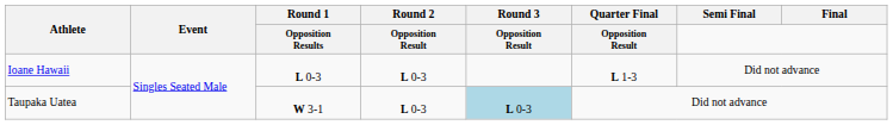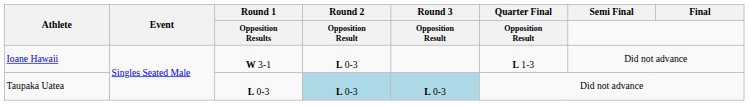 <table class=wikitable style="font-size:90%">
 <tr>
 <th rowspan="2" width=150>Athlete</th>
 <th rowspan="2" width=150>Event</th>
 <th width=125>Round 1</th>
 <th width=125>Round 2</th>
 <th width=125>Round 3</th>
 <th width=125>Quarter Final</th>
 <th width=125>Semi Final</th>
 <th width=125>Final</th>
 </tr>
 <tr>
 <th style="line-height:1em"><small>Opposition<br>Results</small></th>
 <th style="line-height:1em"><small>Opposition<br>Result</small></th>
 <th style="line-height:1em"><small>Opposition<br>Result</small></th>
 <th style="line-height:1em"><small>Opposition<br>Result</small></th>
 </tr>
 <tr>
 <td><a href='#'>Ioane Hawaii</a></td>
 <td rowspan=4><a href='#'>Singles Seated Male</a></td>
-<td align=center><br><strong>L</strong> 0-3</td>
+<td align=center><br><strong>W</strong> 3-1</td>
 <td align=center><br><strong>L</strong> 0-3</td>
 <td></td>
 <td align=center><br><strong>L</strong> 1-3</td>
 <td align=center colspan=2>Did not advance</td>
 </tr>
 <tr>
 <td>Taupaka Uatea</td>
-<td align=center><br><strong>W</strong> 3-1</td>
 <td align=center><br><strong>L</strong> 0-3</td>
+<td align=center style="background: lightblue;"><br><strong>L</strong> 0-3</td>
 <td align=center style="background: lightblue;"><br><strong>L</strong> 0-3</td>
 <td align=center colspan=3>Did not advance</td>
 </tr>
 </table>
